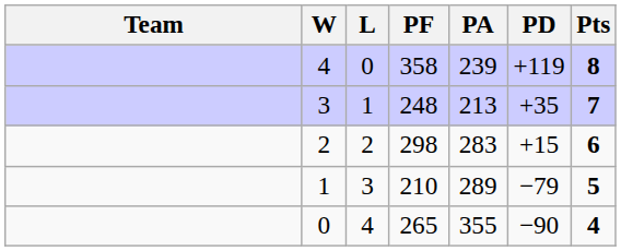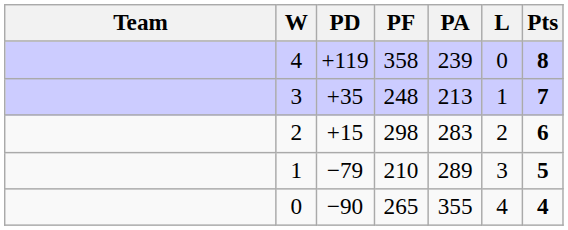 <table class="wikitable" style="text-align:center;">
 <tr>
 <th width=180>Team</th>
 <th width=20>W</th>
-<th width=20>L</th>
+<th width=30>PD</th>
 <th width=30>PF</th>
 <th width=30>PA</th>
-<th width=30>PD</th>
+<th width=20>L</th>
 <th width=20>Pts</th>
 </tr>
 <tr bgcolor="#CCCCFF">
 <td align=left></td>
 <td>4</td>
-<td>0</td>
+<td>+119</td>
 <td>358</td>
 <td>239</td>
-<td>+119</td>
+<td>0</td>
 <td><strong>8</strong></td>
 </tr>
 <tr bgcolor="#CCCCFF">
 <td align=left></td>
 <td>3</td>
-<td>1</td>
+<td>+35</td>
 <td>248</td>
 <td>213</td>
-<td>+35</td>
+<td>1</td>
 <td><strong>7</strong></td>
 </tr>
 <tr>
 <td align=left></td>
 <td>2</td>
-<td>2</td>
+<td>+15</td>
 <td>298</td>
 <td>283</td>
-<td>+15</td>
+<td>2</td>
 <td><strong>6</strong></td>
 </tr>
 <tr>
 <td align=left></td>
 <td>1</td>
-<td>3</td>
+<td>−79</td>
 <td>210</td>
 <td>289</td>
-<td>−79</td>
+<td>3</td>
 <td><strong>5</strong></td>
 </tr>
 <tr>
 <td align=left></td>
 <td>0</td>
-<td>4</td>
+<td>−90</td>
 <td>265</td>
 <td>355</td>
-<td>−90</td>
+<td>4</td>
 <td><strong>4</strong></td>
 </tr>
 </table>
